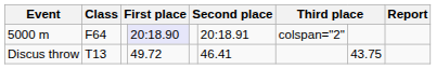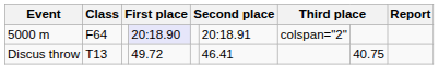 <table class="wikitable">
 <tr>
 <th>Event</th>
 <th>Class</th>
 <th colspan="2">First place</th>
 <th colspan="2">Second place</th>
 <th colspan="2">Third place</th>
 <th>Report</th>
 </tr>
 <tr>
 <td>5000 m</td>
 <td>F64</td>
 <td></td>
 <td style="background: lavender;">20:18.90</td>
 <td></td>
 <td>20:18.91</td>
 <td>colspan="2" </td>
 <td></td>
 </tr>
 <tr>
 <td>Discus throw</td>
 <td>T13</td>
 <td></td>
 <td>49.72</td>
 <td></td>
 <td>46.41 </td>
 <td></td>
-<td>43.75</td>
+<td>40.75</td>
 <td></td>
 </tr>
 </table>
